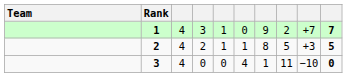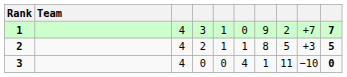 <table class="wikitable" style="text-align: center;">
 <tr>
+<th width=30>Rank</th>
 <th width=165 style="text-align:left;">Team</th>
-<th width=30>Rank</th>
 <th width=20></th>
 <th width=20></th>
 <th width=20></th>
 <th width=20></th>
 <th width=20></th>
 <th width=20></th>
 <th width=20></th>
 <th width=20></th>
 </tr>
 <tr style="background:#ccffcc;">
+<td><strong>1</strong></td>
 <td style="text-align:left;"></td>
-<td><strong>1</strong></td>
 <td>4</td>
 <td>3</td>
 <td>1</td>
 <td>0</td>
 <td>9</td>
 <td>2</td>
 <td>+7</td>
 <td><strong>7</strong></td>
 </tr>
 <tr>
+<td><strong>2</strong></td>
 <td style="text-align:left;"></td>
-<td><strong>2</strong></td>
 <td>4</td>
 <td>2</td>
 <td>1</td>
 <td>1</td>
 <td>8</td>
 <td>5</td>
 <td>+3</td>
 <td><strong>5</strong></td>
 </tr>
 <tr>
+<td><strong>3</strong></td>
 <td style="text-align:left;"></td>
-<td><strong>3</strong></td>
 <td>4</td>
 <td>0</td>
 <td>0</td>
 <td>4</td>
 <td>1</td>
 <td>11</td>
 <td>−10</td>
 <td><strong>0</strong></td>
 </tr>
 </table>
